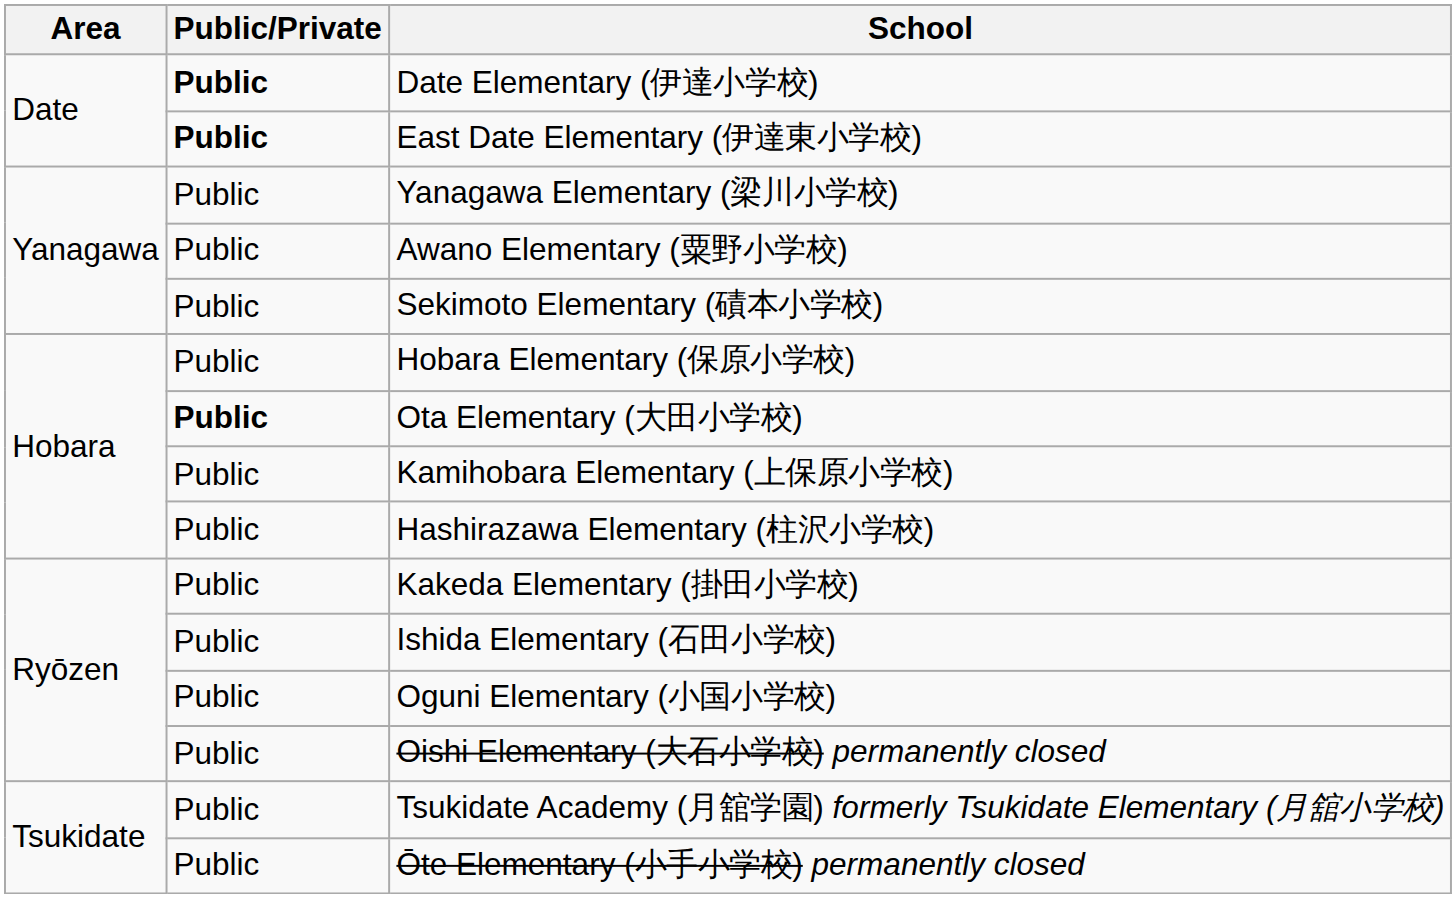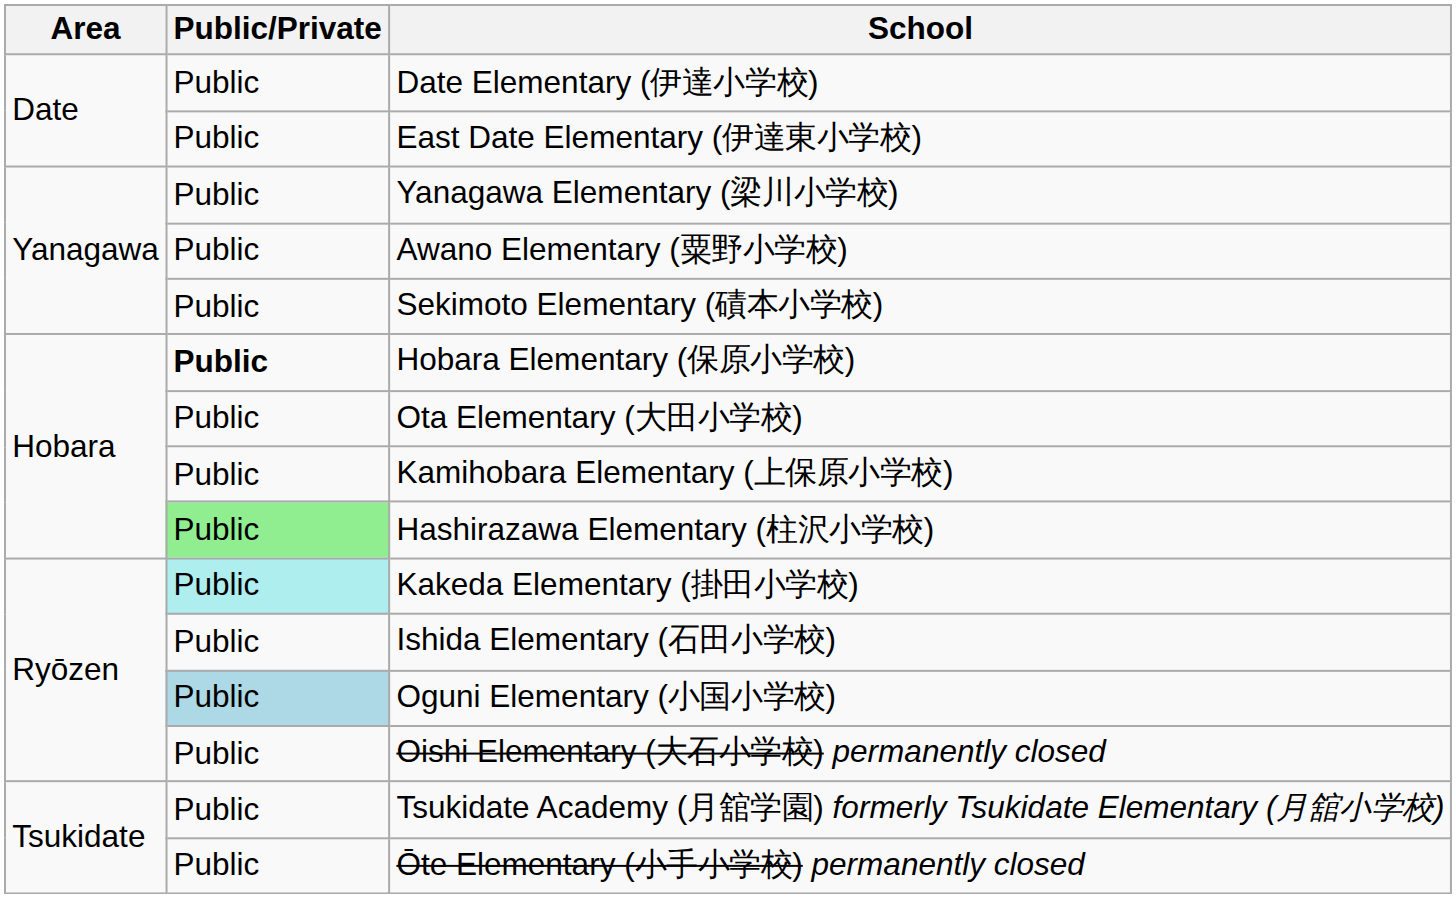 <table class="wikitable">
 <tr>
 <th>Area</th>
 <th>Public/Private</th>
 <th>School</th>
 </tr>
 <tr>
 <td rowspan="2">Date</td>
-<td><strong>Public</strong></td>
+<td>Public</td>
 <td>Date Elementary (伊達小学校)</td>
 </tr>
 <tr>
-<td><strong>Public</strong></td>
+<td>Public</td>
 <td>East Date Elementary (伊達東小学校)</td>
 </tr>
 <tr>
 <td rowspan="3">Yanagawa</td>
 <td>Public</td>
 <td>Yanagawa Elementary (梁川小学校)</td>
 </tr>
 <tr>
 <td>Public</td>
 <td>Awano Elementary (粟野小学校)</td>
 </tr>
 <tr>
 <td>Public</td>
 <td>Sekimoto Elementary (磧本小学校)</td>
 </tr>
 <tr>
 <td rowspan="4">Hobara</td>
-<td>Public</td>
+<td><strong>Public</strong></td>
 <td>Hobara Elementary (保原小学校)</td>
 </tr>
 <tr>
-<td><strong>Public</strong></td>
+<td>Public</td>
 <td>Ota Elementary (大田小学校)</td>
 </tr>
 <tr>
 <td>Public</td>
 <td>Kamihobara Elementary (上保原小学校)</td>
 </tr>
 <tr>
-<td>Public</td>
+<td style="background: lightgreen;">Public</td>
 <td>Hashirazawa Elementary (柱沢小学校)</td>
 </tr>
 <tr>
 <td rowspan="4">Ryōzen</td>
-<td>Public</td>
+<td style="background: paleturquoise;">Public</td>
 <td>Kakeda Elementary (掛田小学校)</td>
 </tr>
 <tr>
 <td>Public</td>
 <td>Ishida Elementary (石田小学校)</td>
 </tr>
 <tr>
-<td>Public</td>
+<td style="background: lightblue;">Public</td>
 <td>Oguni Elementary (小国小学校)</td>
 </tr>
 <tr>
 <td>Public</td>
 <td><s>Oishi Elementary (大石小学校)</s> <em>permanently closed</em></td>
 </tr>
 <tr>
 <td rowspan="2">Tsukidate</td>
 <td>Public</td>
 <td>Tsukidate Academy (月舘学園) <em>formerly Tsukidate Elementary (月舘小学校)</em></td>
 </tr>
 <tr>
 <td>Public</td>
 <td><s>Ōte Elementary (小手小学校)</s> <em>permanently closed</em></td>
 </tr>
 </table>
